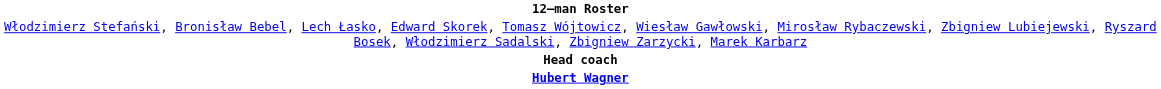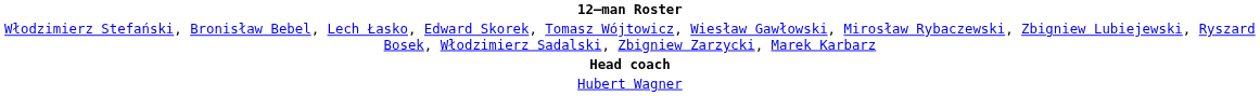 <table style="text-align:center; margin-top:2em; margin-left:auto; margin-right:auto">
 <tr>
 <td><strong>12–man Roster</strong></td>
 </tr>
 <tr>
 <td><a href='#'>Włodzimierz Stefański</a>, <a href='#'>Bronisław Bebel</a>, <a href='#'>Lech Łasko</a>, <a href='#'>Edward Skorek</a>, <a href='#'>Tomasz Wójtowicz</a>, <a href='#'>Wiesław Gawłowski</a>, <a href='#'>Mirosław Rybaczewski</a>, <a href='#'>Zbigniew Lubiejewski</a>, <a href='#'>Ryszard Bosek</a>, <a href='#'>Włodzimierz Sadalski</a>, <a href='#'>Zbigniew Zarzycki</a>, <a href='#'>Marek Karbarz</a></td>
 </tr>
 <tr>
 <td><strong>Head coach</strong></td>
 </tr>
 <tr>
-<td><strong><a href='#'>Hubert Wagner</a></strong></td>
+<td><a href='#'>Hubert Wagner</a></td>
 </tr>
 </table>
